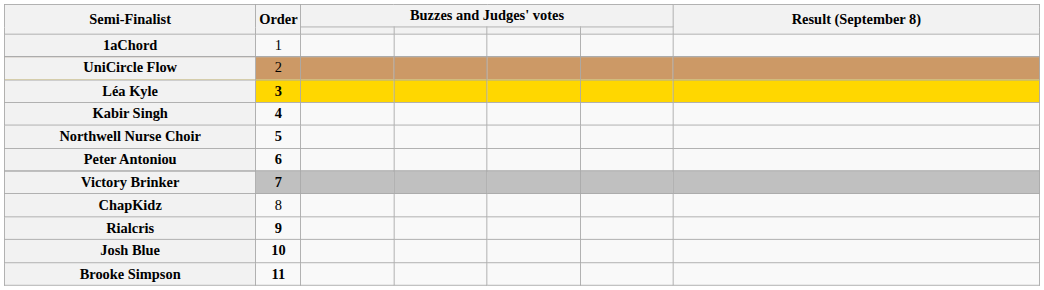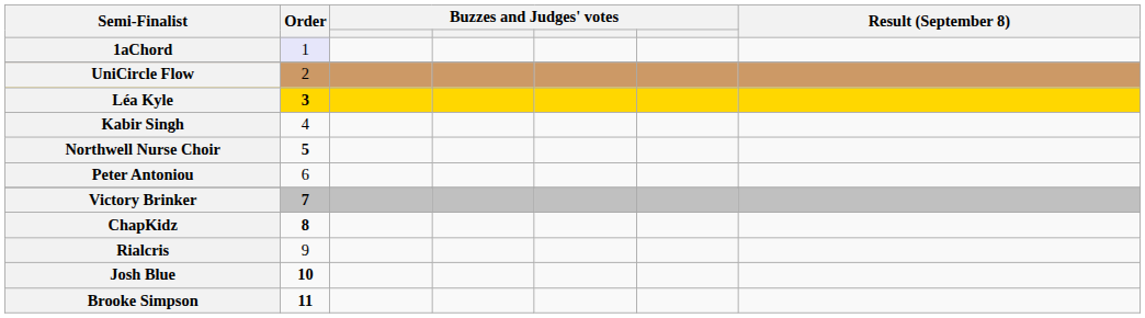 <table class="wikitable plainrowheaders sortable" style="text-align:center;">
 <tr>
 <th scope="col" rowspan="2" class="unsortable" style="width:17em;">Semi-Finalist</th>
 <th scope="col" rowspan="2" style="width:1em;">Order</th>
 <th scope="col" colspan="4" class="unsortable" style="width:24em;">Buzzes and Judges' votes</th>
 <th scope="col" rowspan="2" style="width:25em;">Result (September 8)</th>
 </tr>
 <tr>
 <th scope="col" class="unsortable" style="width:6em;"></th>
 <th scope="col" class="unsortable" style="width:6em;"></th>
 <th scope="col" class="unsortable" style="width:6em;"></th>
 <th scope="col" class="unsortable" style="width:6em;"></th>
 </tr>
 <tr>
 <th scope="row">1aChord</th>
-<td>1</td>
+<td style="background: lavender;">1</td>
 <td style="text-align:center;"></td>
 <td style="text-align:center;"></td>
 <td style="text-align:center;"></td>
 <td style="text-align:center;"></td>
 <td></td>
 </tr>
 <tr>
 </tr>
 <tr style="background:#c96">
 <th scope="row">UniCircle Flow</th>
 <td>2</td>
 <td style="text-align:center;"></td>
 <td style="text-align:center;"></td>
 <td style="text-align:center;"></td>
 <td style="text-align:center;"></td>
 <td></td>
 </tr>
 <tr style="background:gold">
 <th scope="row"><strong>Léa Kyle</strong></th>
 <td><strong>3</strong></td>
 <td style="text-align:center;"></td>
 <td style="text-align:center;"></td>
 <td style="text-align:center;"></td>
 <td style="text-align:center;"></td>
 <td><strong></strong></td>
 </tr>
 <tr>
 <th scope="row">Kabir Singh</th>
-<td><strong>4</strong></td>
+<td>4</td>
 <td style="text-align:center;"></td>
 <td style="text-align:center;"></td>
 <td style="text-align:center;"></td>
 <td style="text-align:center;"></td>
 <td></td>
 </tr>
 <tr -style="background:NavajoWhite">
 <th scope="row"><strong>Northwell Nurse Choir</strong></th>
 <td><strong>5</strong></td>
 <td style="text-align:center;"></td>
 <td style="text-align:center;"></td>
 <td style="text-align:center;"></td>
 <td style="text-align:center;"></td>
 <td><strong></strong></td>
 </tr>
 <tr>
 <th scope="row">Peter Antoniou</th>
-<td><strong>6</strong></td>
+<td>6</td>
 <td style="text-align:center;"></td>
 <td style="text-align:center;"></td>
 <td style="text-align:center;"></td>
 <td style="text-align:center;"></td>
 <td></td>
 </tr>
 <tr>
 </tr>
 <tr style="background:silver">
 <th scope="row"><strong>Victory Brinker</strong></th>
 <td><strong>7</strong></td>
 <td style="text-align:center;"></td>
 <td style="text-align:center;"></td>
 <td style="text-align:center;"></td>
 <td style="text-align:center;"></td>
 <td><strong></strong></td>
 </tr>
 <tr>
 <th scope="row">ChapKidz</th>
-<td>8</td>
+<td><strong>8</strong></td>
 <td style="text-align:center;"></td>
 <td style="text-align:center;"></td>
 <td style="text-align:center;"></td>
 <td style="text-align:center;"></td>
 <td></td>
 </tr>
 <tr>
 <th scope="row">Rialcris</th>
-<td><strong>9</strong></td>
+<td>9</td>
 <td style="text-align:center;"></td>
 <td style="text-align:center;"></td>
 <td style="text-align:center;"></td>
 <td style="text-align:center;"></td>
 <td></td>
 </tr>
 <tr -style="background:NavajoWhite">
 <th scope="row"><strong>Josh Blue</strong></th>
 <td><strong>10</strong></td>
 <td style="text-align:center;"></td>
 <td style="text-align:center;"></td>
 <td style="text-align:center;"></td>
 <td style="text-align:center;"></td>
 <td><strong></strong></td>
 </tr>
 <tr -style="background:NavajoWhite">
 <th scope="row"><strong>Brooke Simpson</strong></th>
 <td><strong>11</strong></td>
 <td style="text-align:center;"></td>
 <td style="text-align:center;"></td>
 <td style="text-align:center;"></td>
 <td style="text-align:center;"></td>
 <td><strong></strong></td>
 </tr>
 </table>
